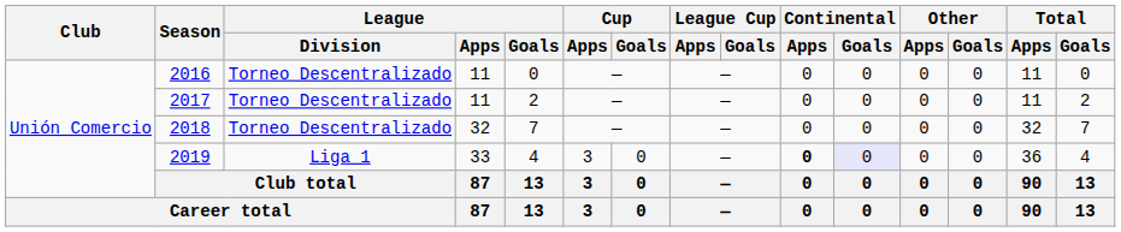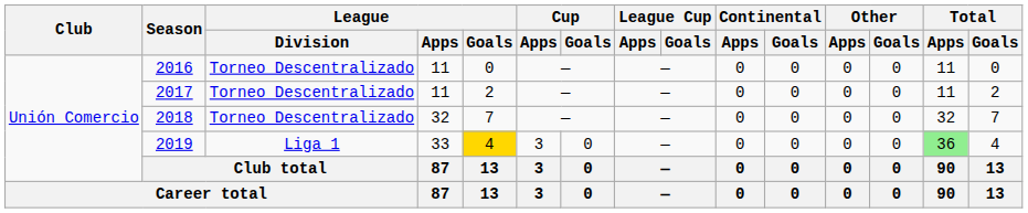 <table class="wikitable" style="text-align: center">
 <tr>
 <th rowspan="2">Club</th>
 <th rowspan="2">Season</th>
 <th colspan="3">League</th>
 <th colspan="2">Cup</th>
 <th colspan="2">League Cup</th>
 <th colspan="2">Continental</th>
 <th colspan="2">Other</th>
 <th colspan="2">Total</th>
 </tr>
 <tr>
 <th>Division</th>
 <th>Apps</th>
 <th>Goals</th>
 <th>Apps</th>
 <th>Goals</th>
 <th>Apps</th>
 <th>Goals</th>
 <th>Apps</th>
 <th>Goals</th>
 <th>Apps</th>
 <th>Goals</th>
 <th>Apps</th>
 <th>Goals</th>
 </tr>
 <tr>
 <td rowspan="5"><a href='#'>Unión Comercio</a></td>
 <td><a href='#'>2016</a></td>
 <td><a href='#'>Torneo Descentralizado</a></td>
 <td>11</td>
 <td>0</td>
 <td colspan="2">—</td>
 <td colspan="2">—</td>
 <td>0</td>
 <td>0</td>
 <td>0</td>
 <td>0</td>
 <td>11</td>
 <td>0</td>
 </tr>
 <tr>
 <td><a href='#'>2017</a></td>
 <td><a href='#'>Torneo Descentralizado</a></td>
 <td>11</td>
 <td>2</td>
 <td colspan="2">—</td>
 <td colspan="2">—</td>
 <td>0</td>
 <td>0</td>
 <td>0</td>
 <td>0</td>
 <td>11</td>
 <td>2</td>
 </tr>
 <tr>
 <td><a href='#'>2018</a></td>
 <td><a href='#'>Torneo Descentralizado</a></td>
 <td>32</td>
 <td>7</td>
 <td colspan="2">—</td>
 <td colspan="2">—</td>
 <td>0</td>
 <td>0</td>
 <td>0</td>
 <td>0</td>
 <td>32</td>
 <td>7</td>
 </tr>
 <tr>
 <td><a href='#'>2019</a></td>
 <td><a href='#'>Liga 1</a></td>
 <td>33</td>
-<td>4</td>
+<td style="background: gold;">4</td>
 <td>3</td>
 <td>0</td>
 <td colspan="2">—</td>
-<td><strong>0</strong></td>
-<td style="background: lavender;">0</td>
 <td>0</td>
 <td>0</td>
-<td>36</td>
+<td>0</td>
+<td>0</td>
+<td style="background: lightgreen;">36</td>
 <td>4</td>
 </tr>
 <tr>
 <th colspan="2">Club total</th>
 <th>87</th>
 <th>13</th>
 <th>3</th>
 <th>0</th>
 <th colspan="2"><strong>—</strong></th>
 <th>0</th>
 <th>0</th>
 <th>0</th>
 <th>0</th>
 <th>90</th>
 <th>13</th>
 </tr>
 <tr>
 <th colspan="3">Career total</th>
 <th>87</th>
 <th>13</th>
 <th>3</th>
 <th>0</th>
 <th colspan="2"><strong>—</strong></th>
 <th><strong>0</strong></th>
 <th><strong>0</strong></th>
 <th><strong>0</strong></th>
 <th><strong>0</strong></th>
 <th>90</th>
 <th>13</th>
 </tr>
 </table>
